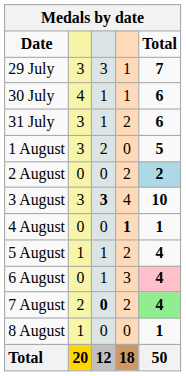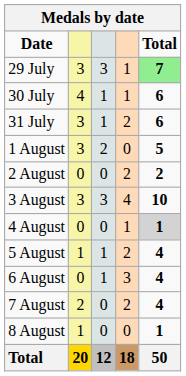 <table class="wikitable" style="text-align:center;font-size:90%">
 <tr style="background:#efefef;">
 <th colspan=5>Medals by date</th>
 </tr>
 <tr>
 <td><strong>Date</strong></td>
 <td bgcolor=#f7f6a8></td>
 <td bgcolor=#dce5e5></td>
 <td bgcolor=#ffdab9></td>
 <td><strong>Total</strong></td>
 </tr>
 <tr>
 <td style="text-align:left;">29 July</td>
 <td style="background:#F7F6A8;">3</td>
 <td style="background:#DCE5E5;">3</td>
 <td style="background:#FFDAB9;">1</td>
-<td><strong>7</strong></td>
+<td style="background: lightgreen;"><strong>7</strong></td>
 </tr>
 <tr>
 <td style="text-align:left;">30 July</td>
 <td style="background:#F7F6A8;">4</td>
 <td style="background:#DCE5E5;">1</td>
 <td style="background:#FFDAB9;">1</td>
 <td><strong>6</strong></td>
 </tr>
 <tr>
 <td style="text-align:left;">31 July</td>
 <td style="background:#F7F6A8;">3</td>
 <td style="background:#DCE5E5;">1</td>
 <td style="background:#FFDAB9;">2</td>
 <td><strong>6</strong></td>
 </tr>
 <tr>
 <td style="text-align:left;">1 August</td>
 <td style="background:#F7F6A8;">3</td>
 <td style="background:#DCE5E5;">2</td>
 <td style="background:#FFDAB9;">0</td>
 <td><strong>5</strong></td>
 </tr>
 <tr>
 <td style="text-align:left;">2 August</td>
 <td style="background:#F7F6A8;">0</td>
 <td style="background:#DCE5E5;">0</td>
 <td style="background:#FFDAB9;">2</td>
-<td style="background: lightblue;"><strong>2</strong></td>
+<td><strong>2</strong></td>
 </tr>
 <tr>
 <td style="text-align:left;">3 August</td>
 <td style="background:#F7F6A8;">3</td>
-<td style="background:#DCE5E5;"><strong>3</strong></td>
+<td style="background:#DCE5E5;">3</td>
 <td style="background:#FFDAB9;">4</td>
 <td><strong>10</strong></td>
 </tr>
 <tr>
 <td style="text-align:left;">4 August</td>
 <td style="background:#F7F6A8;">0</td>
 <td style="background:#DCE5E5;">0</td>
-<td style="background:#FFDAB9;"><strong>1</strong></td>
-<td><strong>1</strong></td>
+<td style="background:#FFDAB9;">1</td>
+<td style="background: lightgrey;"><strong>1</strong></td>
 </tr>
 <tr>
 <td style="text-align:left;">5 August</td>
 <td style="background:#F7F6A8;">1</td>
 <td style="background:#DCE5E5;">1</td>
 <td style="background:#FFDAB9;">2</td>
 <td><strong>4</strong></td>
 </tr>
 <tr>
 <td style="text-align:left;">6 August</td>
 <td style="background:#F7F6A8;">0</td>
 <td style="background:#DCE5E5;">1</td>
 <td style="background:#FFDAB9;">3</td>
-<td style="background: pink;"><strong>4</strong></td>
+<td><strong>4</strong></td>
 </tr>
 <tr>
 <td style="text-align:left;">7 August</td>
 <td style="background:#F7F6A8;">2</td>
-<td style="background:#DCE5E5;"><strong>0</strong></td>
+<td style="background:#DCE5E5;">0</td>
 <td style="background:#FFDAB9;">2</td>
-<td style="background: lightgreen;"><strong>4</strong></td>
+<td><strong>4</strong></td>
 </tr>
 <tr>
 <td style="text-align:left;">8 August</td>
 <td style="background:#F7F6A8;">1</td>
 <td style="background:#DCE5E5;">0</td>
 <td style="background:#FFDAB9;">0</td>
 <td><strong>1</strong></td>
 </tr>
 <tr>
 <th style="text-align:left;">Total</th>
 <th style="background:gold;">20</th>
 <th style="background:silver;">12</th>
 <th style="background:#c96;">18</th>
 <th>50</th>
 </tr>
 </table>
